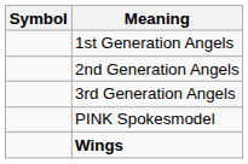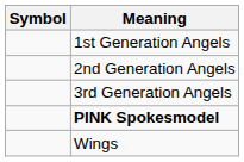 <table class="sortable wikitable"  style="font-size:85%;">
 <tr>
 <th>Symbol</th>
 <th>Meaning</th>
 </tr>
 <tr>
 <td align="center"></td>
 <td>1st Generation Angels</td>
 </tr>
 <tr>
 <td align="center"></td>
 <td>2nd Generation Angels</td>
 </tr>
 <tr>
 <td align="center"></td>
 <td>3rd Generation Angels</td>
 </tr>
 <tr>
 <td align="center"></td>
-<td>PINK Spokesmodel</td>
+<td><strong>PINK Spokesmodel</strong></td>
 </tr>
 <tr>
 <td align="center"></td>
-<td><strong>Wings</strong></td>
+<td>Wings</td>
 </tr>
 </table>
